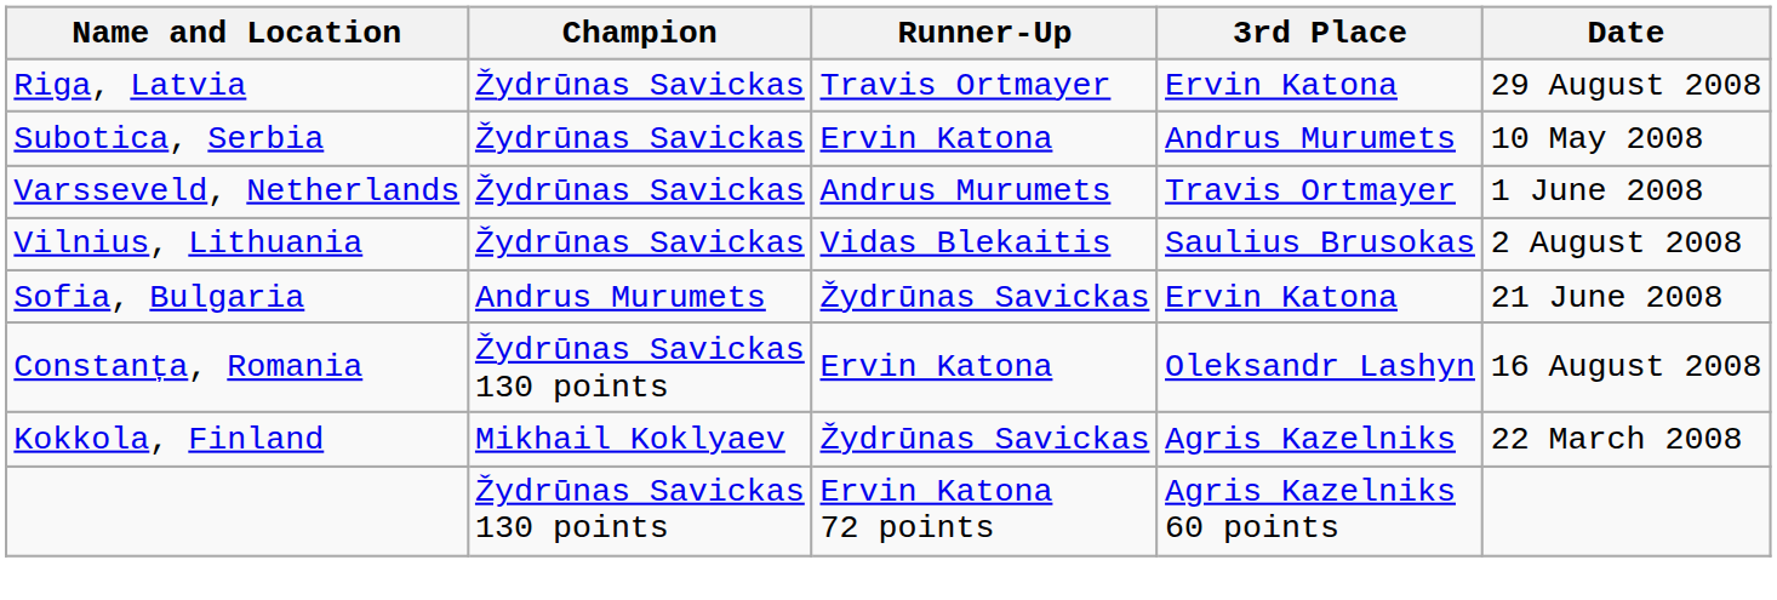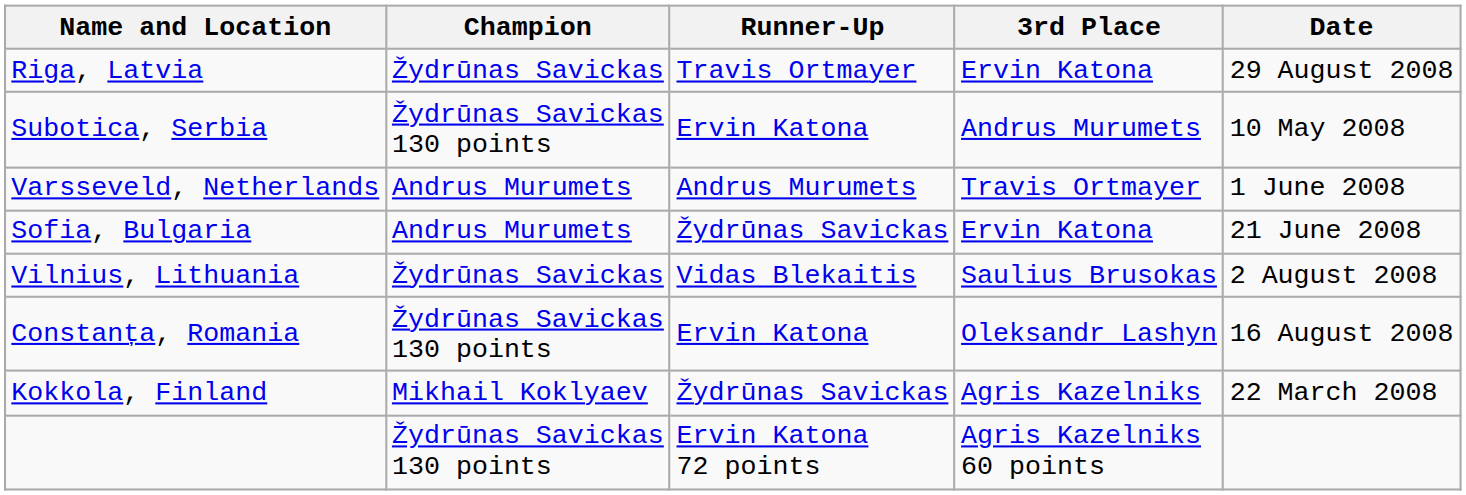 <table class="wikitable" style="display: inline-table">
 <tr>
 <th>Name and Location</th>
 <th>Champion</th>
 <th>Runner-Up</th>
 <th>3rd Place</th>
 <th>Date</th>
 </tr>
 <tr>
 <td> <a href='#'>Riga</a>, <a href='#'>Latvia</a> <br> </td>
 <td> <a href='#'>Žydrūnas Savickas</a></td>
 <td> <a href='#'>Travis Ortmayer</a></td>
 <td> <a href='#'>Ervin Katona</a></td>
 <td>29 August 2008</td>
 </tr>
 <tr>
 <td> <a href='#'>Subotica</a>, <a href='#'>Serbia</a> <br> </td>
-<td> <a href='#'>Žydrūnas Savickas</a></td>
+<td> <a href='#'>Žydrūnas Savickas</a><br> 130 points</td>
 <td> <a href='#'>Ervin Katona</a></td>
 <td> <a href='#'>Andrus Murumets</a></td>
 <td>10 May 2008</td>
 </tr>
 <tr>
 <td> <a href='#'>Varsseveld</a>, <a href='#'>Netherlands</a> <br> </td>
-<td> <a href='#'>Žydrūnas Savickas</a></td>
+<td> <a href='#'>Andrus Murumets</a></td>
 <td> <a href='#'>Andrus Murumets</a></td>
 <td> <a href='#'>Travis Ortmayer</a></td>
 <td>1 June 2008</td>
+</tr>
+<tr>
+<td> <a href='#'>Sofia</a>, <a href='#'>Bulgaria</a> <br> </td>
+<td> <a href='#'>Andrus Murumets</a></td>
+<td> <a href='#'>Žydrūnas Savickas</a></td>
+<td> <a href='#'>Ervin Katona</a></td>
+<td>21 June 2008</td>
 </tr>
 <tr>
 <td> <a href='#'>Vilnius</a>, <a href='#'>Lithuania</a> <br> </td>
 <td> <a href='#'>Žydrūnas Savickas</a></td>
 <td> <a href='#'>Vidas Blekaitis</a></td>
 <td> <a href='#'>Saulius Brusokas</a></td>
 <td>2 August 2008</td>
-</tr>
-<tr>
-<td> <a href='#'>Sofia</a>, <a href='#'>Bulgaria</a> <br> </td>
-<td> <a href='#'>Andrus Murumets</a></td>
-<td> <a href='#'>Žydrūnas Savickas</a></td>
-<td> <a href='#'>Ervin Katona</a></td>
-<td>21 June 2008</td>
 </tr>
 <tr>
 <td> <a href='#'>Constanța</a>, <a href='#'>Romania</a> <br> </td>
 <td> <a href='#'>Žydrūnas Savickas</a><br> 130 points</td>
 <td> <a href='#'>Ervin Katona</a></td>
 <td> <a href='#'>Oleksandr Lashyn</a></td>
 <td>16 August 2008</td>
 </tr>
 <tr>
 <td> <a href='#'>Kokkola</a>, <a href='#'>Finland</a> <br> </td>
 <td> <a href='#'>Mikhail Koklyaev</a></td>
 <td> <a href='#'>Žydrūnas Savickas</a></td>
 <td> <a href='#'>Agris Kazelniks</a></td>
 <td>22 March 2008</td>
 </tr>
 <tr>
 <td></td>
 <td> <a href='#'>Žydrūnas Savickas</a><br> 130 points</td>
 <td> <a href='#'>Ervin Katona</a><br> 72 points</td>
 <td> <a href='#'>Agris Kazelniks</a><br> 60 points</td>
 <td></td>
 </tr>
 </table>
